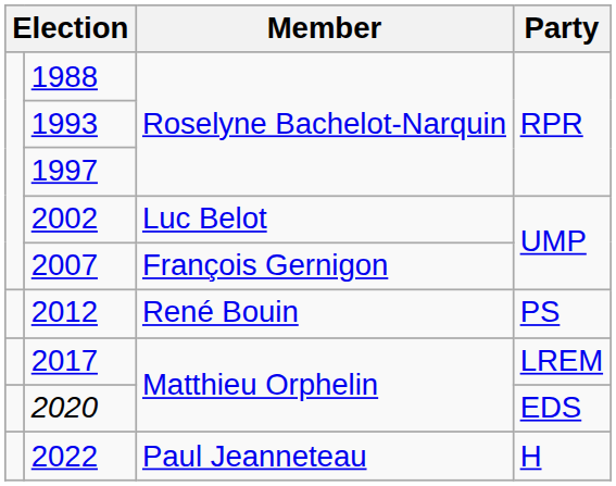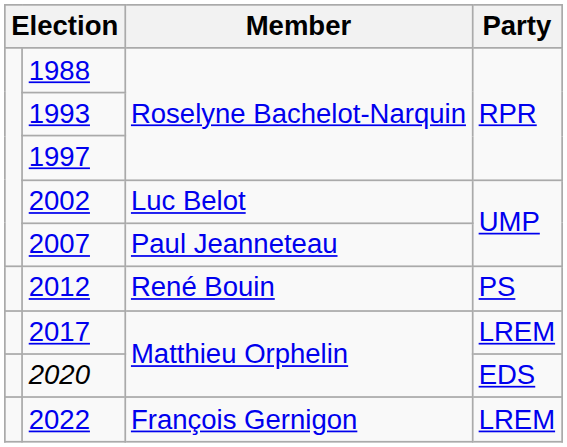 <table class="wikitable">
 <tr>
 <th colspan=2>Election</th>
 <th>Member</th>
 <th>Party</th>
 </tr>
 <tr>
 <td rowspan="5" style="background-color: "></td>
 <td><a href='#'>1988</a></td>
 <td rowspan="3"><a href='#'>Roselyne Bachelot-Narquin</a></td>
 <td rowspan="3"><a href='#'>RPR</a></td>
 </tr>
 <tr>
 <td><a href='#'>1993</a></td>
 </tr>
 <tr>
 <td><a href='#'>1997</a></td>
 </tr>
 <tr>
 <td><a href='#'>2002</a></td>
 <td><a href='#'>Luc Belot</a></td>
 <td rowspan="2"><a href='#'>UMP</a></td>
 </tr>
 <tr>
 <td><a href='#'>2007</a></td>
-<td><a href='#'>François Gernigon</a></td>
+<td><a href='#'>Paul Jeanneteau</a></td>
 </tr>
 <tr>
 <td style="background-color: "></td>
 <td><a href='#'>2012</a></td>
 <td><a href='#'>René Bouin</a></td>
 <td><a href='#'>PS</a></td>
 </tr>
 <tr>
 <td style="background-color: "></td>
 <td><a href='#'>2017</a></td>
 <td rowspan=2><a href='#'>Matthieu Orphelin</a></td>
 <td><a href='#'>LREM</a></td>
 </tr>
 <tr>
 <td style="background-color: "></td>
 <td><em>2020</em></td>
 <td><a href='#'>EDS</a></td>
 </tr>
 <tr>
 <td style="background-color: "></td>
 <td><a href='#'>2022</a></td>
-<td><a href='#'>Paul Jeanneteau</a></td>
-<td><a href='#'>H</a></td>
+<td><a href='#'>François Gernigon</a></td>
+<td><a href='#'>LREM</a></td>
 </tr>
 </table>
